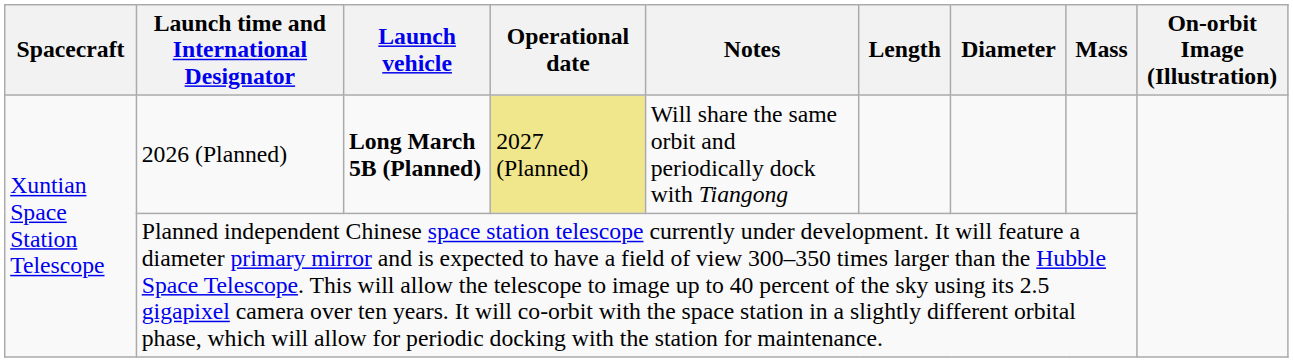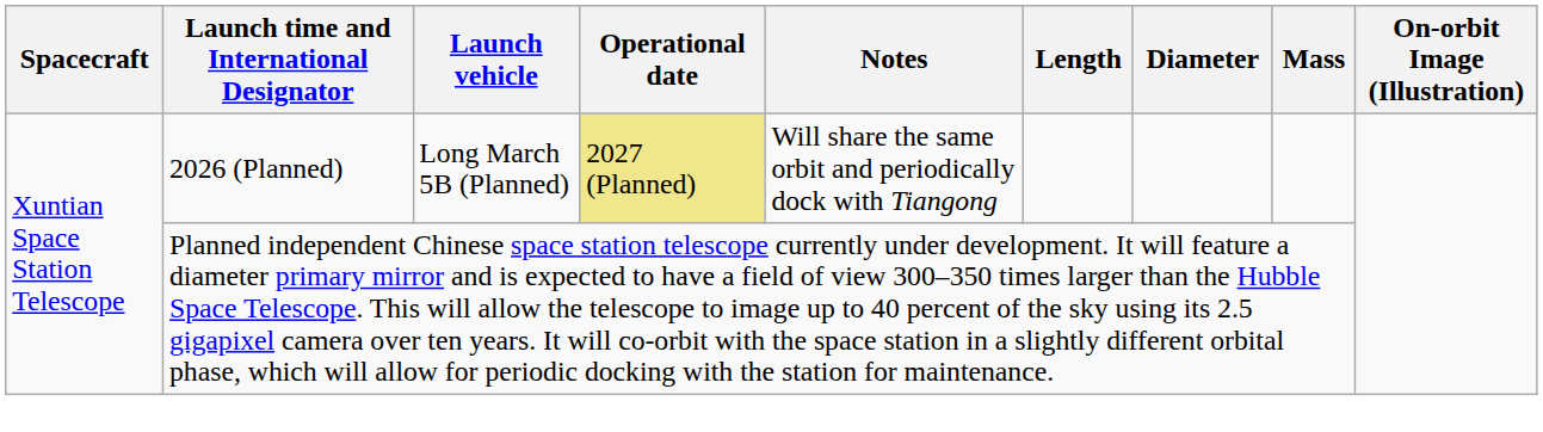 <table class="wikitable">
 <tr>
 <th>Spacecraft</th>
 <th>Launch time and <a href='#'>International Designator</a></th>
 <th><a href='#'>Launch vehicle</a></th>
 <th>Operational date</th>
 <th>Notes</th>
 <th>Length</th>
 <th>Diameter</th>
 <th>Mass</th>
 <th>On-orbit Image (Illustration)</th>
 </tr>
 <tr>
 <td rowspan="2"><a href='#'>Xuntian Space Station Telescope</a></td>
 <td>2026 (Planned)</td>
-<td><strong>Long March 5B (Planned)</strong></td>
+<td>Long March 5B (Planned)</td>
 <td style="background: khaki;">2027 (Planned)</td>
 <td>Will share the same orbit and periodically dock with <em>Tiangong</em><br></td>
 <td></td>
 <td></td>
 <td></td>
 <td rowspan="2"></td>
 </tr>
 <tr>
 <td colspan="7">Planned independent Chinese <a href='#'>space station telescope</a> currently under development. It will feature a  diameter <a href='#'>primary mirror</a> and is expected to have a field of view 300–350 times larger than the <a href='#'>Hubble Space Telescope</a>. This will allow the telescope to image up to 40 percent of the sky using its 2.5 <a href='#'>gigapixel</a> camera over ten years. It will co-orbit with the space station in a slightly different orbital phase, which will allow for periodic docking with the station for maintenance.</td>
 </tr>
 </table>
